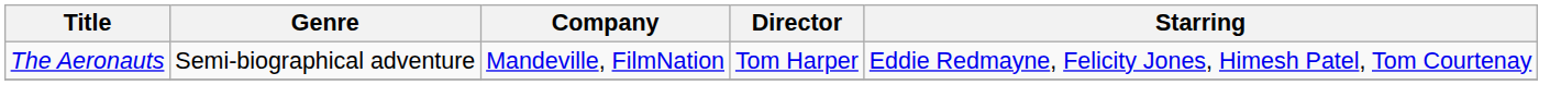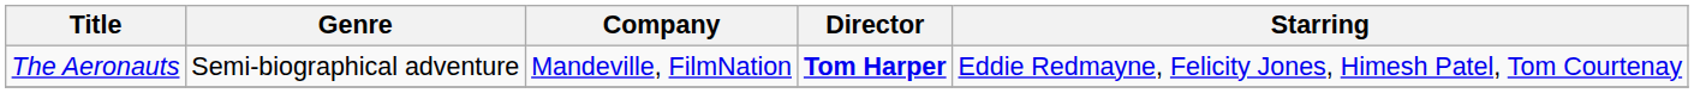 <table class="wikitable unsortable">
 <tr>
 <th>Title</th>
 <th>Genre</th>
 <th>Company</th>
 <th>Director</th>
 <th>Starring</th>
 </tr>
 <tr>
 <td><em><a href='#'>The Aeronauts</a></em></td>
 <td>Semi-biographical adventure</td>
 <td><a href='#'>Mandeville</a>, <a href='#'>FilmNation</a></td>
-<td><a href='#'>Tom Harper</a></td>
+<td><strong><a href='#'>Tom Harper</a></strong></td>
 <td><a href='#'>Eddie Redmayne</a>, <a href='#'>Felicity Jones</a>, <a href='#'>Himesh Patel</a>, <a href='#'>Tom Courtenay</a></td>
 </tr>
 <tr>
 </tr>
 </table>
